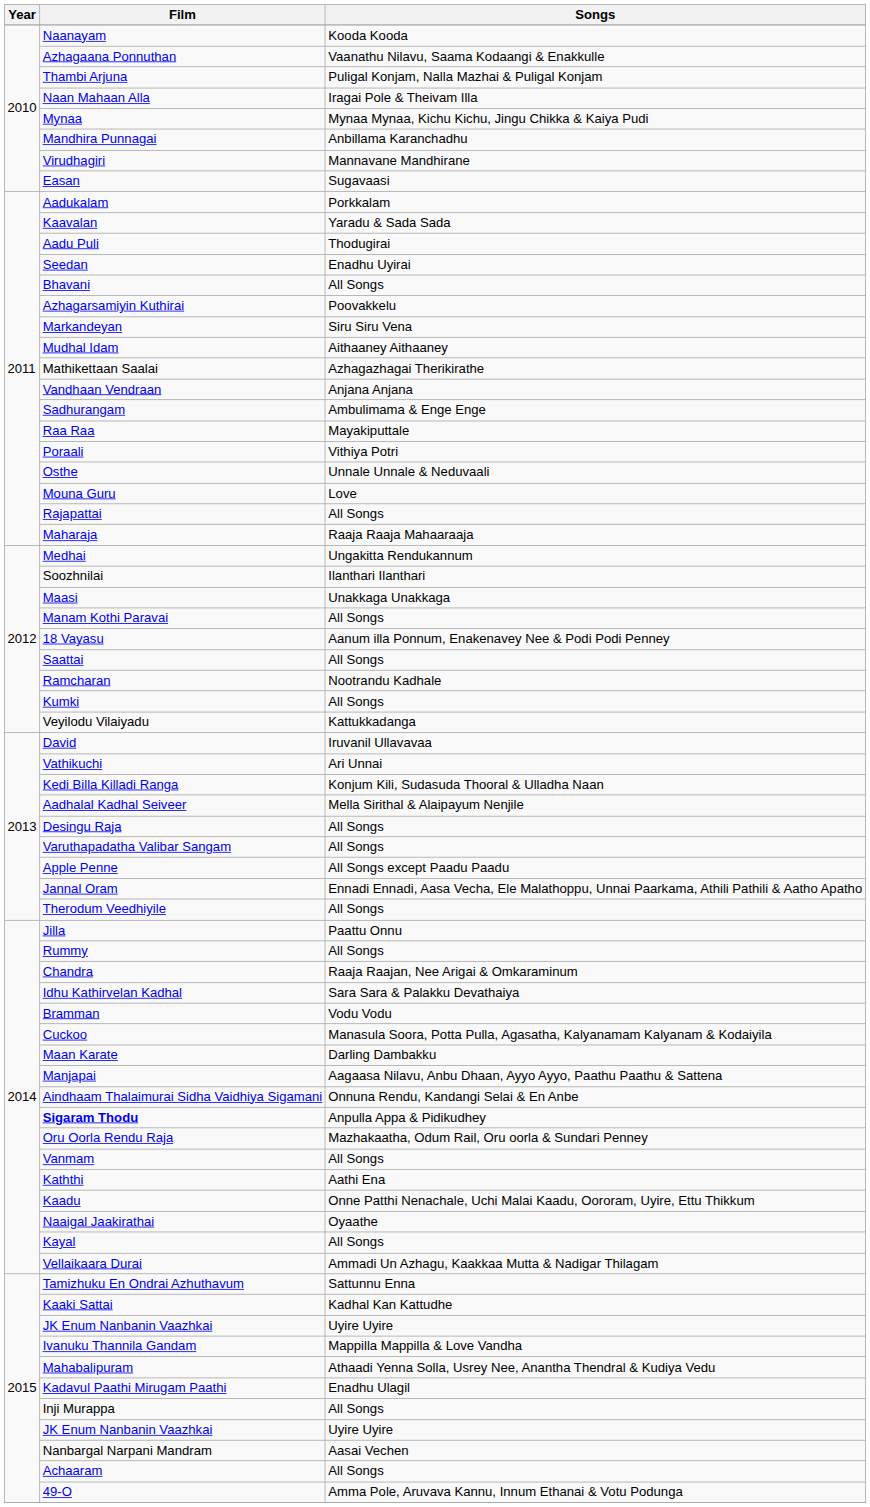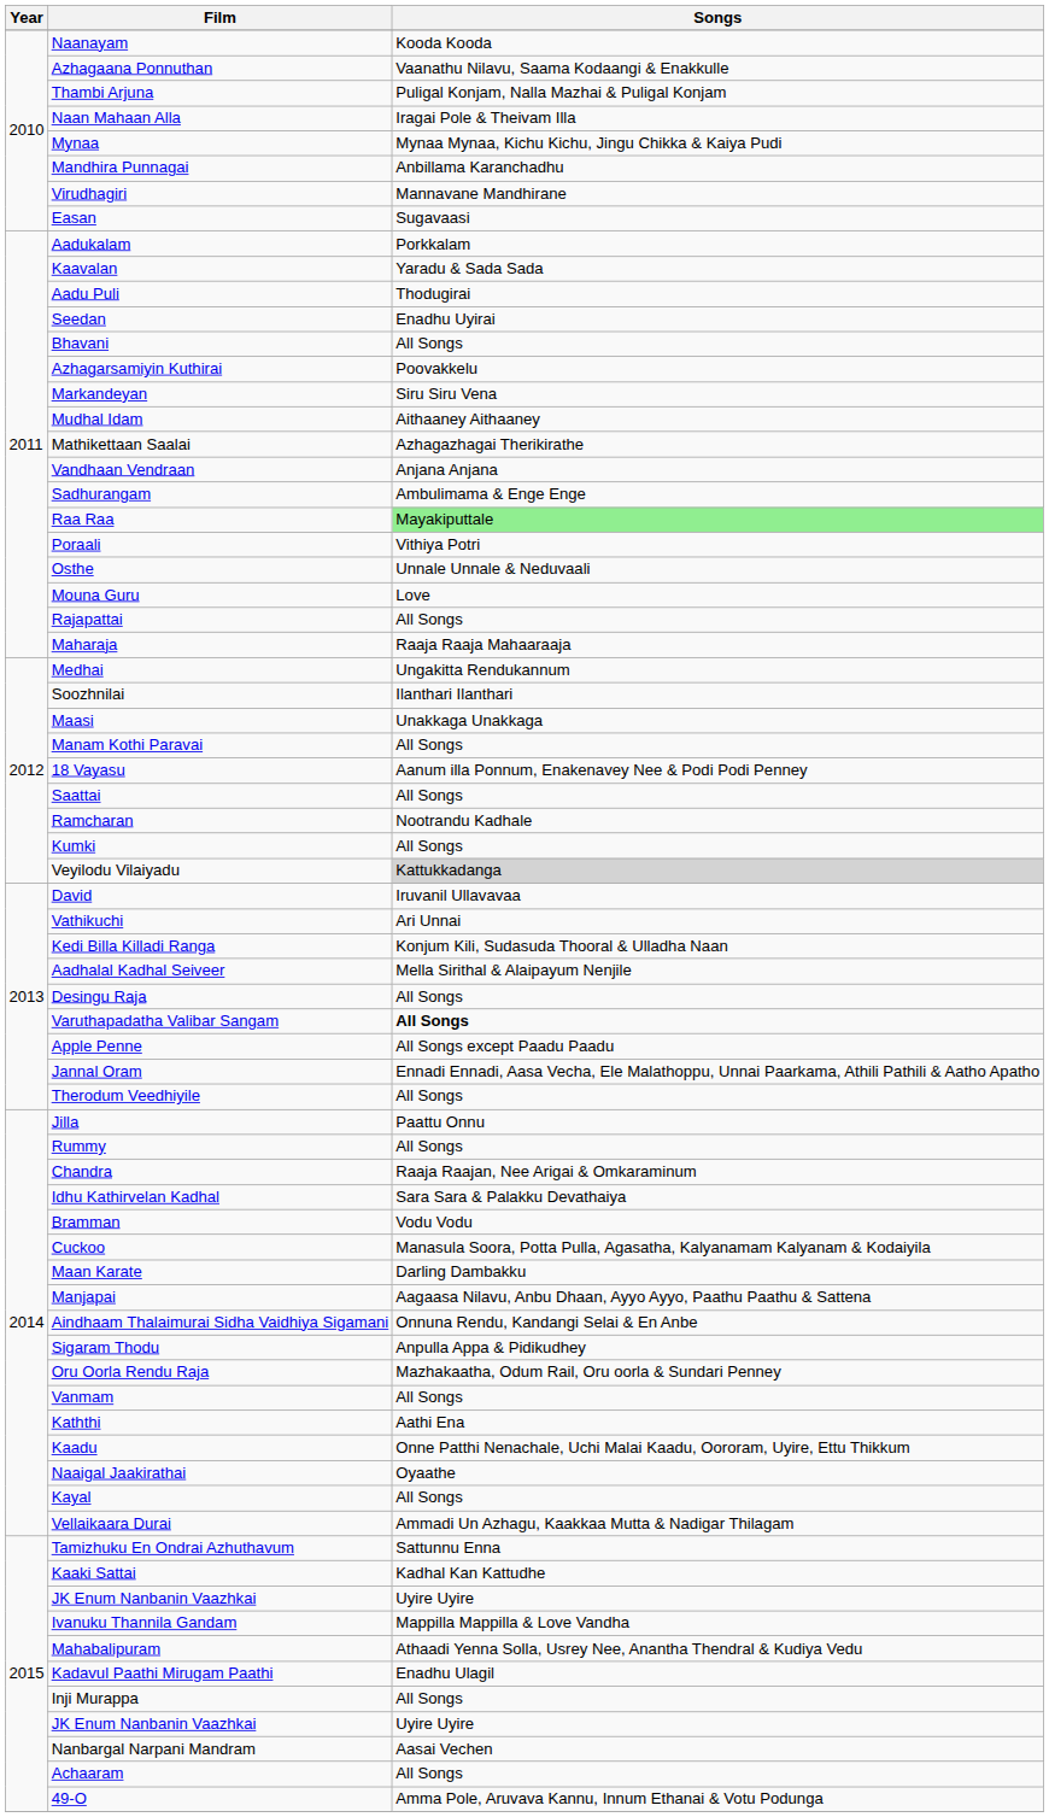 <table class="wikitable sortable">
 <tr>
 <th>Year</th>
 <th>Film</th>
 <th>Songs</th>
 </tr>
 <tr>
 </tr>
 <tr>
 <td rowspan="8">2010</td>
 <td><a href='#'>Naanayam</a></td>
 <td>Kooda Kooda</td>
 </tr>
 <tr>
 <td><a href='#'>Azhagaana Ponnuthan</a></td>
 <td>Vaanathu Nilavu, Saama Kodaangi & Enakkulle</td>
 </tr>
 <tr>
 <td><a href='#'>Thambi Arjuna</a></td>
 <td>Puligal Konjam, Nalla Mazhai & Puligal Konjam</td>
 </tr>
 <tr>
 <td><a href='#'>Naan Mahaan Alla</a></td>
 <td>Iragai Pole & Theivam Illa</td>
 </tr>
 <tr>
 <td><a href='#'>Mynaa</a></td>
 <td>Mynaa Mynaa, Kichu Kichu, Jingu Chikka & Kaiya Pudi</td>
 </tr>
 <tr>
 <td><a href='#'>Mandhira Punnagai</a></td>
 <td>Anbillama Karanchadhu</td>
 </tr>
 <tr>
 <td><a href='#'>Virudhagiri</a></td>
 <td>Mannavane Mandhirane</td>
 </tr>
 <tr>
 <td><a href='#'>Easan</a></td>
 <td>Sugavaasi</td>
 </tr>
 <tr>
 <td rowspan="17">2011</td>
 <td><a href='#'>Aadukalam</a></td>
 <td>Porkkalam</td>
 </tr>
 <tr>
 <td><a href='#'>Kaavalan</a></td>
 <td>Yaradu & Sada Sada</td>
 </tr>
 <tr>
 <td><a href='#'>Aadu Puli</a></td>
 <td>Thodugirai</td>
 </tr>
 <tr>
 <td><a href='#'>Seedan</a></td>
 <td>Enadhu Uyirai</td>
 </tr>
 <tr>
 <td><a href='#'>Bhavani</a></td>
 <td>All Songs</td>
 </tr>
 <tr>
 <td><a href='#'>Azhagarsamiyin Kuthirai</a></td>
 <td>Poovakkelu</td>
 </tr>
 <tr>
 <td><a href='#'>Markandeyan</a></td>
 <td>Siru Siru Vena</td>
 </tr>
 <tr>
 <td><a href='#'>Mudhal Idam</a></td>
 <td>Aithaaney Aithaaney</td>
 </tr>
 <tr>
 <td>Mathikettaan Saalai</td>
 <td>Azhagazhagai Therikirathe</td>
 </tr>
 <tr>
 <td><a href='#'>Vandhaan Vendraan</a></td>
 <td>Anjana Anjana</td>
 </tr>
 <tr>
 <td><a href='#'>Sadhurangam</a></td>
 <td>Ambulimama & Enge Enge</td>
 </tr>
 <tr>
 <td><a href='#'>Raa Raa</a></td>
-<td>Mayakiputtale</td>
+<td style="background: lightgreen;">Mayakiputtale</td>
 </tr>
 <tr>
 <td><a href='#'>Poraali</a></td>
 <td>Vithiya Potri</td>
 </tr>
 <tr>
 <td><a href='#'>Osthe</a></td>
 <td>Unnale Unnale & Neduvaali</td>
 </tr>
 <tr>
 <td><a href='#'>Mouna Guru</a></td>
 <td>Love</td>
 </tr>
 <tr>
 <td><a href='#'>Rajapattai</a></td>
 <td>All Songs</td>
 </tr>
 <tr>
 <td><a href='#'>Maharaja</a></td>
 <td>Raaja Raaja Mahaaraaja</td>
 </tr>
 <tr>
 <td rowspan="9">2012</td>
 <td><a href='#'>Medhai</a></td>
 <td>Ungakitta Rendukannum</td>
 </tr>
 <tr>
 <td>Soozhnilai</td>
 <td>Ilanthari Ilanthari</td>
 </tr>
 <tr>
 <td><a href='#'>Maasi</a></td>
 <td>Unakkaga Unakkaga</td>
 </tr>
 <tr>
 <td><a href='#'>Manam Kothi Paravai</a></td>
 <td>All Songs</td>
 </tr>
 <tr>
 <td><a href='#'>18 Vayasu</a></td>
 <td>Aanum illa Ponnum, Enakenavey Nee & Podi Podi Penney</td>
 </tr>
 <tr>
 <td><a href='#'>Saattai</a></td>
 <td>All Songs</td>
 </tr>
 <tr>
 <td><a href='#'>Ramcharan</a></td>
 <td>Nootrandu Kadhale</td>
 </tr>
 <tr>
 <td><a href='#'>Kumki</a></td>
 <td>All Songs</td>
 </tr>
 <tr>
 <td>Veyilodu Vilaiyadu</td>
-<td>Kattukkadanga</td>
+<td style="background: lightgrey;">Kattukkadanga</td>
 </tr>
 <tr>
 <td rowspan = "9">2013</td>
 <td><a href='#'>David</a></td>
 <td>Iruvanil Ullavavaa</td>
 </tr>
 <tr>
 <td><a href='#'>Vathikuchi</a></td>
 <td>Ari Unnai</td>
 </tr>
 <tr>
 <td><a href='#'>Kedi Billa Killadi Ranga</a></td>
 <td>Konjum Kili, Sudasuda Thooral & Ulladha Naan</td>
 </tr>
 <tr>
 <td><a href='#'>Aadhalal Kadhal Seiveer</a></td>
 <td>Mella Sirithal & Alaipayum Nenjile</td>
 </tr>
 <tr>
 <td><a href='#'>Desingu Raja</a></td>
 <td>All Songs</td>
 </tr>
 <tr>
 <td><a href='#'>Varuthapadatha Valibar Sangam</a></td>
-<td>All Songs</td>
+<td><strong>All Songs</strong></td>
 </tr>
 <tr>
 <td><a href='#'>Apple Penne</a></td>
 <td>All Songs except Paadu Paadu</td>
 </tr>
 <tr>
 <td><a href='#'>Jannal Oram</a></td>
 <td>Ennadi Ennadi, Aasa Vecha, Ele Malathoppu, Unnai Paarkama, Athili Pathili & Aatho Apatho</td>
 </tr>
 <tr>
 <td><a href='#'>Therodum Veedhiyile</a></td>
 <td>All Songs</td>
 </tr>
 <tr>
 <td rowspan="17">2014</td>
 <td><a href='#'>Jilla</a></td>
 <td>Paattu Onnu</td>
 </tr>
 <tr>
 <td><a href='#'>Rummy</a></td>
 <td>All Songs</td>
 </tr>
 <tr>
 <td><a href='#'>Chandra</a></td>
 <td>Raaja Raajan, Nee Arigai & Omkaraminum</td>
 </tr>
 <tr>
 <td><a href='#'>Idhu Kathirvelan Kadhal</a></td>
 <td>Sara Sara & Palakku Devathaiya</td>
 </tr>
 <tr>
 <td><a href='#'>Bramman</a></td>
 <td>Vodu Vodu</td>
 </tr>
 <tr>
 <td><a href='#'>Cuckoo</a></td>
 <td>Manasula Soora, Potta Pulla, Agasatha, Kalyanamam Kalyanam & Kodaiyila</td>
 </tr>
 <tr>
 <td><a href='#'>Maan Karate</a></td>
 <td>Darling Dambakku</td>
 </tr>
 <tr>
 <td><a href='#'>Manjapai</a></td>
 <td>Aagaasa Nilavu, Anbu Dhaan, Ayyo Ayyo, Paathu Paathu & Sattena</td>
 </tr>
 <tr>
 <td><a href='#'>Aindhaam Thalaimurai Sidha Vaidhiya Sigamani</a></td>
 <td>Onnuna Rendu, Kandangi Selai & En Anbe</td>
 </tr>
 <tr>
-<td><strong><a href='#'>Sigaram Thodu</a></strong></td>
+<td><a href='#'>Sigaram Thodu</a></td>
 <td>Anpulla Appa & Pidikudhey</td>
 </tr>
 <tr>
 <td><a href='#'>Oru Oorla Rendu Raja</a></td>
 <td>Mazhakaatha, Odum Rail, Oru oorla & Sundari Penney</td>
 </tr>
 <tr>
 <td><a href='#'>Vanmam</a></td>
 <td>All Songs</td>
 </tr>
 <tr>
 <td><a href='#'>Kaththi</a></td>
 <td>Aathi Ena</td>
 </tr>
 <tr>
 <td><a href='#'>Kaadu</a></td>
 <td>Onne Patthi Nenachale, Uchi Malai Kaadu, Oororam, Uyire, Ettu Thikkum</td>
 </tr>
 <tr>
 <td><a href='#'>Naaigal Jaakirathai</a></td>
 <td>Oyaathe</td>
 </tr>
 <tr>
 <td><a href='#'>Kayal</a></td>
 <td>All Songs</td>
 </tr>
 <tr>
 <td><a href='#'>Vellaikaara Durai</a></td>
 <td>Ammadi Un Azhagu, Kaakkaa Mutta & Nadigar Thilagam</td>
 </tr>
 <tr>
 <td rowspan = "11">2015</td>
 <td><a href='#'>Tamizhuku En Ondrai Azhuthavum</a></td>
 <td>Sattunnu Enna</td>
 </tr>
 <tr>
 <td><a href='#'>Kaaki Sattai</a></td>
 <td>Kadhal Kan Kattudhe</td>
 </tr>
 <tr>
 <td><a href='#'>JK Enum Nanbanin Vaazhkai</a></td>
 <td>Uyire Uyire</td>
 </tr>
 <tr>
 <td><a href='#'>Ivanuku Thannila Gandam</a></td>
 <td>Mappilla Mappilla & Love Vandha</td>
 </tr>
 <tr>
 <td><a href='#'>Mahabalipuram</a></td>
 <td>Athaadi Yenna Solla, Usrey Nee, Anantha Thendral & Kudiya Vedu</td>
 </tr>
 <tr>
 <td><a href='#'>Kadavul Paathi Mirugam Paathi</a></td>
 <td>Enadhu Ulagil</td>
 </tr>
 <tr>
 <td>Inji Murappa</td>
 <td>All Songs</td>
 </tr>
 <tr>
 <td><a href='#'>JK Enum Nanbanin Vaazhkai</a></td>
 <td>Uyire Uyire</td>
 </tr>
 <tr>
 <td>Nanbargal Narpani Mandram</td>
 <td>Aasai Vechen</td>
 </tr>
 <tr>
 <td><a href='#'>Achaaram</a></td>
 <td>All Songs</td>
 </tr>
 <tr>
 <td><a href='#'>49-O</a></td>
 <td>Amma Pole, Aruvava Kannu, Innum Ethanai & Votu Podunga</td>
 </tr>
 <tr>
 </tr>
 </table>
